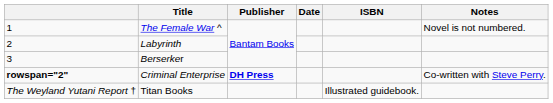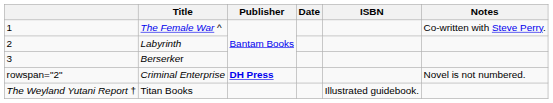 <table class="wikitable">
 <tr>
 <th></th>
 <th>Title</th>
 <th>Publisher</th>
 <th>Date</th>
 <th>ISBN</th>
 <th>Notes</th>
 </tr>
 <tr>
 <td>1</td>
 <td><a href='#'><em>The Female War</em></a> ^</td>
 <td rowspan="3"><a href='#'>Bantam Books</a></td>
 <td></td>
 <td></td>
-<td>Novel is not numbered.</td>
+<td>Co-written with <a href='#'>Steve Perry</a>.</td>
 </tr>
 <tr>
 <td>2</td>
 <td><em>Labyrinth</em></td>
 <td></td>
 <td></td>
 <td></td>
 </tr>
 <tr>
 <td>3</td>
 <td><em>Berserke</em>r</td>
 <td></td>
 <td></td>
 <td></td>
 </tr>
 <tr>
-<td><strong>rowspan="2" </strong></td>
+<td>rowspan="2" </td>
 <td><em>Criminal Enterprise</em></td>
 <td><strong><a href='#'>DH Press</a></strong></td>
 <td></td>
 <td></td>
-<td>Co-written with <a href='#'>Steve Perry</a>.</td>
+<td>Novel is not numbered.</td>
 </tr>
 <tr>
 <td><em>The Weyland Yutani Report</em> †</td>
 <td>Titan Books</td>
 <td></td>
 <td></td>
 <td>Illustrated guidebook.</td>
 </tr>
 </table>
